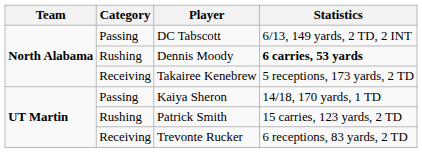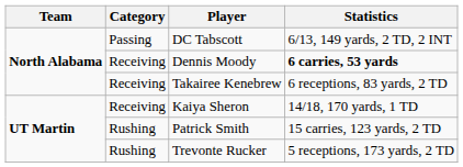 <table class="wikitable" style="float: right;">
 <tr>
 <th>Team</th>
 <th>Category</th>
 <th>Player</th>
 <th>Statistics</th>
 </tr>
 <tr>
 <td rowspan=3><strong>North Alabama</strong></td>
 <td>Passing</td>
 <td>DC Tabscott</td>
 <td>6/13, 149 yards, 2 TD, 2 INT</td>
 </tr>
 <tr>
-<td>Rushing</td>
+<td>Receiving</td>
 <td>Dennis Moody</td>
 <td><strong>6 carries, 53 yards</strong></td>
 </tr>
 <tr>
 <td>Receiving</td>
 <td>Takairee Kenebrew</td>
-<td>5 receptions, 173 yards, 2 TD</td>
+<td>6 receptions, 83 yards, 2 TD</td>
 </tr>
 <tr>
 <td rowspan=3><strong>UT Martin</strong></td>
-<td>Passing</td>
+<td>Receiving</td>
 <td>Kaiya Sheron</td>
 <td>14/18, 170 yards, 1 TD</td>
 </tr>
 <tr>
 <td>Rushing</td>
 <td>Patrick Smith</td>
 <td>15 carries, 123 yards, 2 TD</td>
 </tr>
 <tr>
-<td>Receiving</td>
+<td>Rushing</td>
 <td>Trevonte Rucker</td>
-<td>6 receptions, 83 yards, 2 TD</td>
+<td>5 receptions, 173 yards, 2 TD</td>
 </tr>
 </table>
